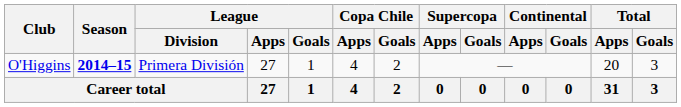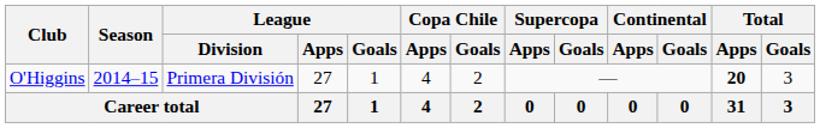 <table class="wikitable" style="text-align: center;">
 <tr>
 <th rowspan="2">Club</th>
 <th rowspan="2">Season</th>
 <th colspan="3">League</th>
 <th colspan="2">Copa Chile</th>
 <th colspan="2">Supercopa</th>
 <th colspan="2">Continental</th>
 <th colspan="2">Total</th>
 </tr>
 <tr>
 <th>Division</th>
 <th>Apps</th>
 <th>Goals</th>
 <th>Apps</th>
 <th>Goals</th>
 <th>Apps</th>
 <th>Goals</th>
 <th>Apps</th>
 <th>Goals</th>
 <th>Apps</th>
 <th>Goals</th>
 </tr>
 <tr>
 <td rowspan="1"><a href='#'>O'Higgins</a></td>
-<td><strong><a href='#'>2014–15</a></strong></td>
+<td><a href='#'>2014–15</a></td>
 <td rowspan="1"><a href='#'>Primera División</a></td>
 <td>27</td>
 <td>1</td>
 <td>4</td>
 <td>2</td>
 <td colspan="4">—</td>
-<td>20</td>
+<td><strong>20</strong></td>
 <td>3</td>
 </tr>
 <tr>
 <th colspan="3">Career total</th>
 <th>27</th>
 <th>1</th>
 <th>4</th>
 <th>2</th>
 <th>0</th>
 <th>0</th>
 <th>0</th>
 <th>0</th>
 <th>31</th>
 <th>3</th>
 </tr>
 </table>
